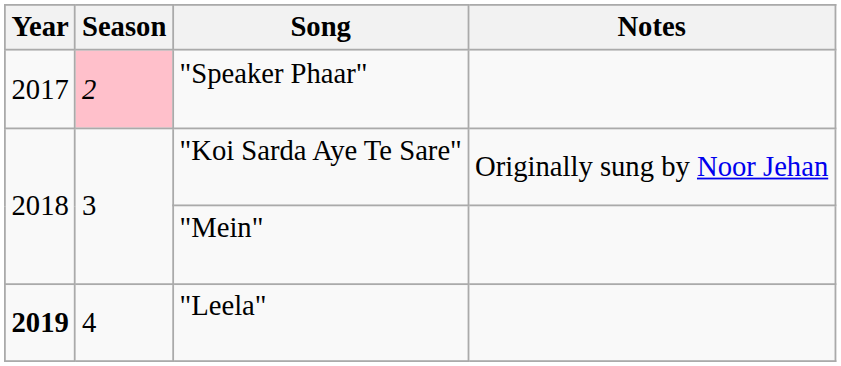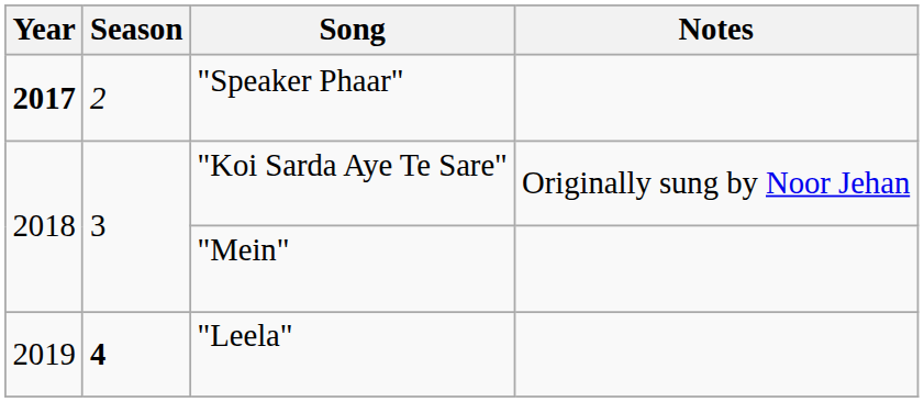 <table class="wikitable">
 <tr>
 <th>Year</th>
 <th>Season</th>
 <th>Song</th>
 <th>Notes</th>
 </tr>
 <tr>
-<td>2017</td>
-<td style="background: pink;"><em>2</em></td>
+<td><strong>2017</strong></td>
+<td><em>2</em></td>
 <td>"Speaker Phaar"<br><br></td>
 <td></td>
 </tr>
 <tr>
 <td rowspan="2">2018</td>
 <td rowspan="2">3</td>
 <td>"Koi Sarda Aye Te Sare"<br><br></td>
 <td>Originally sung by <a href='#'>Noor Jehan</a></td>
 </tr>
 <tr>
 <td>"Mein"<br><br></td>
 <td></td>
 </tr>
 <tr>
-<td><strong>2019</strong></td>
-<td>4</td>
+<td>2019</td>
+<td><strong>4</strong></td>
 <td>"Leela"<br><br></td>
 <td></td>
 </tr>
 </table>
